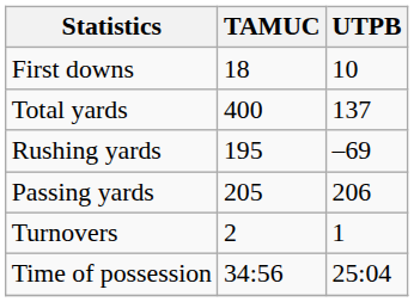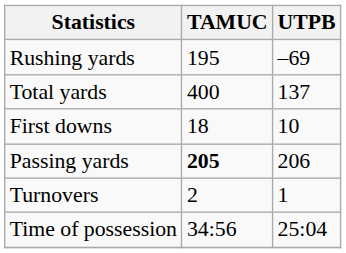 <table class="wikitable" style="float: left;">
 <tr>
 <th>Statistics</th>
 <th>TAMUC</th>
 <th>UTPB</th>
 </tr>
 <tr>
-<td>First downs</td>
-<td>18</td>
-<td>10</td>
+<td>Rushing yards</td>
+<td>195</td>
+<td>–69</td>
 </tr>
 <tr>
 <td>Total yards</td>
 <td>400</td>
 <td>137</td>
 </tr>
 <tr>
-<td>Rushing yards</td>
-<td>195</td>
-<td>–69</td>
+<td>First downs</td>
+<td>18</td>
+<td>10</td>
 </tr>
 <tr>
 <td>Passing yards</td>
-<td>205</td>
+<td><strong>205</strong></td>
 <td>206</td>
 </tr>
 <tr>
 <td>Turnovers</td>
 <td>2</td>
 <td>1</td>
 </tr>
 <tr>
 <td>Time of possession</td>
 <td>34:56</td>
 <td>25:04</td>
 </tr>
 <tr>
 </tr>
 </table>
